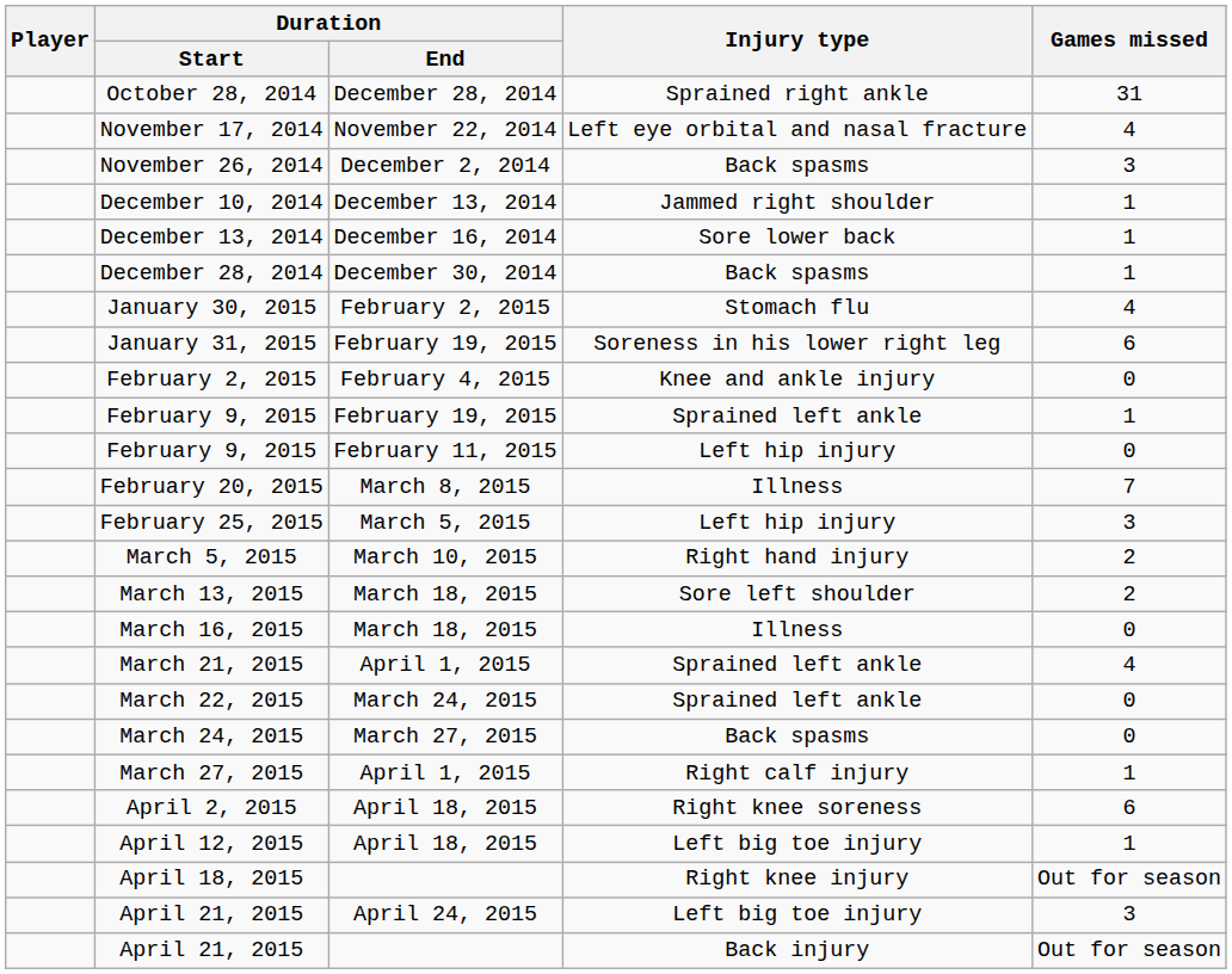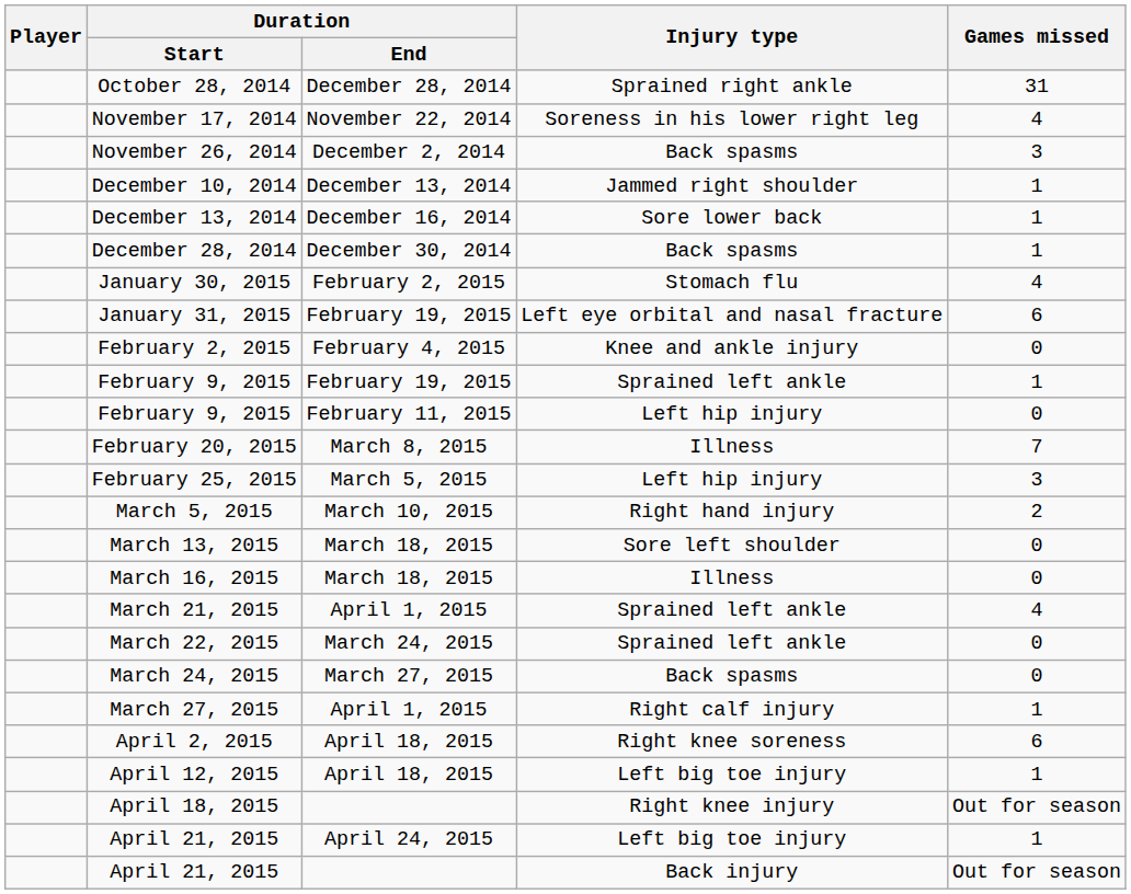 <table class="wikitable sortable" style="text-align:center;">
 <tr>
 <th rowspan="2">Player</th>
 <th colspan="2">Duration</th>
 <th rowspan="2">Injury type</th>
 <th rowspan="2">Games missed</th>
 </tr>
 <tr>
 <th>Start</th>
 <th>End</th>
 </tr>
 <tr>
 <td></td>
 <td>October 28, 2014</td>
 <td>December 28, 2014</td>
 <td>Sprained right ankle</td>
 <td>31</td>
 </tr>
 <tr>
 <td></td>
 <td>November 17, 2014</td>
 <td>November 22, 2014</td>
-<td>Left eye orbital and nasal fracture</td>
+<td>Soreness in his lower right leg</td>
 <td>4</td>
 </tr>
 <tr>
 <td></td>
 <td>November 26, 2014</td>
 <td>December 2, 2014</td>
 <td>Back spasms</td>
 <td>3</td>
 </tr>
 <tr>
 <td></td>
 <td>December 10, 2014</td>
 <td>December 13, 2014</td>
 <td>Jammed right shoulder</td>
 <td>1</td>
 </tr>
 <tr>
 <td></td>
 <td>December 13, 2014</td>
 <td>December 16, 2014</td>
 <td>Sore lower back</td>
 <td>1</td>
 </tr>
 <tr>
 <td></td>
 <td>December 28, 2014</td>
 <td>December 30, 2014</td>
 <td>Back spasms</td>
 <td>1</td>
 </tr>
 <tr>
 <td></td>
 <td>January 30, 2015</td>
 <td>February 2, 2015</td>
 <td>Stomach flu</td>
 <td>4</td>
 </tr>
 <tr>
 <td></td>
 <td>January 31, 2015</td>
 <td>February 19, 2015</td>
-<td>Soreness in his lower right leg</td>
+<td>Left eye orbital and nasal fracture</td>
 <td>6</td>
 </tr>
 <tr>
 <td></td>
 <td>February 2, 2015</td>
 <td>February 4, 2015</td>
 <td>Knee and ankle injury</td>
 <td>0</td>
 </tr>
 <tr>
 <td></td>
 <td>February 9, 2015</td>
 <td>February 19, 2015</td>
 <td>Sprained left ankle</td>
 <td>1</td>
 </tr>
 <tr>
 <td></td>
 <td>February 9, 2015</td>
 <td>February 11, 2015</td>
 <td>Left hip injury</td>
 <td>0</td>
 </tr>
 <tr>
 <td></td>
 <td>February 20, 2015</td>
 <td>March 8, 2015</td>
 <td>Illness</td>
 <td>7</td>
 </tr>
 <tr>
 <td></td>
 <td>February 25, 2015</td>
 <td>March 5, 2015</td>
 <td>Left hip injury</td>
 <td>3</td>
 </tr>
 <tr>
 <td></td>
 <td>March 5, 2015</td>
 <td>March 10, 2015</td>
 <td>Right hand injury</td>
 <td>2</td>
 </tr>
 <tr>
 <td></td>
 <td>March 13, 2015</td>
 <td>March 18, 2015</td>
 <td>Sore left shoulder</td>
-<td>2</td>
+<td>0</td>
 </tr>
 <tr>
 <td></td>
 <td>March 16, 2015</td>
 <td>March 18, 2015</td>
 <td>Illness</td>
 <td>0</td>
 </tr>
 <tr>
 <td></td>
 <td>March 21, 2015</td>
 <td>April 1, 2015</td>
 <td>Sprained left ankle</td>
 <td>4</td>
 </tr>
 <tr>
 <td></td>
 <td>March 22, 2015</td>
 <td>March 24, 2015</td>
 <td>Sprained left ankle</td>
 <td>0</td>
 </tr>
 <tr>
 <td></td>
 <td>March 24, 2015</td>
 <td>March 27, 2015</td>
 <td>Back spasms</td>
 <td>0</td>
 </tr>
 <tr>
 <td></td>
 <td>March 27, 2015</td>
 <td>April 1, 2015</td>
 <td>Right calf injury</td>
 <td>1</td>
 </tr>
 <tr>
 <td></td>
 <td>April 2, 2015</td>
 <td>April 18, 2015</td>
 <td>Right knee soreness</td>
 <td>6</td>
 </tr>
 <tr>
 <td></td>
 <td>April 12, 2015</td>
 <td>April 18, 2015</td>
 <td>Left big toe injury</td>
 <td>1</td>
 </tr>
 <tr>
 <td></td>
 <td>April 18, 2015</td>
 <td></td>
 <td>Right knee injury</td>
 <td>Out for season</td>
 </tr>
 <tr>
 <td></td>
 <td>April 21, 2015</td>
 <td>April 24, 2015</td>
 <td>Left big toe injury</td>
-<td>3</td>
+<td>1</td>
 </tr>
 <tr>
 <td></td>
 <td>April 21, 2015</td>
 <td></td>
 <td>Back injury</td>
 <td>Out for season</td>
 </tr>
 </table>
